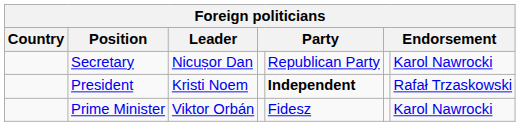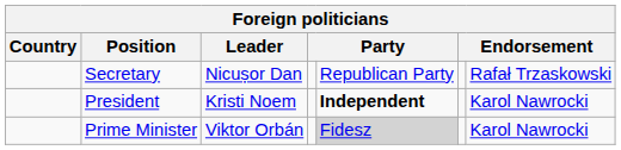 <table class="wikitable collapsible collapsed" >
 <tr>
 <th colspan="8">Foreign politicians</th>
 </tr>
 <tr>
 <th>Country</th>
 <th>Position</th>
 <th>Leader</th>
 <th colspan="2">Party</th>
 <th colspan="2">Endorsement</th>
 </tr>
 <tr>
 <td></td>
 <td><a href='#'>Secretary</a></td>
 <td><a href='#'>Nicușor Dan</a></td>
 <td style="background-color: "></td>
 <td><a href='#'>Republican Party</a></td>
 <td style="background-color: "></td>
-<td><a href='#'>Karol Nawrocki</a></td>
+<td><a href='#'>Rafał Trzaskowski</a></td>
 </tr>
 <tr>
 <td></td>
 <td><a href='#'>President</a></td>
 <td><a href='#'>Kristi Noem</a></td>
 <td style="background-color: "></td>
 <td><strong>Independent</strong></td>
 <td style="background-color: "></td>
-<td><a href='#'>Rafał Trzaskowski</a></td>
+<td><a href='#'>Karol Nawrocki</a><br></td>
 </tr>
 <tr>
 <td></td>
 <td><a href='#'>Prime Minister</a></td>
 <td><a href='#'>Viktor Orbán</a></td>
 <td style="background-color: "></td>
-<td><a href='#'>Fidesz</a></td>
+<td style="background: lightgrey;"><a href='#'>Fidesz</a></td>
 <td style="background-color: "></td>
 <td><a href='#'>Karol Nawrocki</a><br></td>
 </tr>
 </table>
